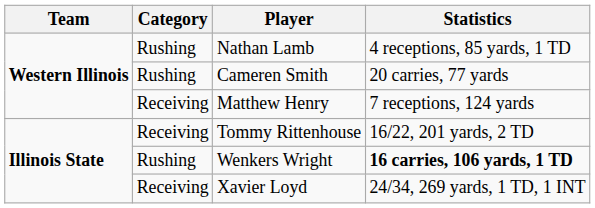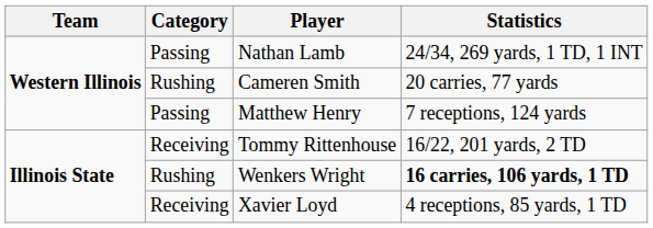 <table class="wikitable" style="float: right;">
 <tr>
 <th>Team</th>
 <th>Category</th>
 <th>Player</th>
 <th>Statistics</th>
 </tr>
 <tr>
 <td rowspan=3><strong>Western Illinois</strong></td>
-<td>Rushing</td>
+<td>Passing</td>
 <td>Nathan Lamb</td>
-<td>4 receptions, 85 yards, 1 TD</td>
+<td>24/34, 269 yards, 1 TD, 1 INT</td>
 </tr>
 <tr>
 <td>Rushing</td>
 <td>Cameren Smith</td>
 <td>20 carries, 77 yards</td>
 </tr>
 <tr>
-<td>Receiving</td>
+<td>Passing</td>
 <td>Matthew Henry</td>
 <td>7 receptions, 124 yards</td>
 </tr>
 <tr>
 <td rowspan=3><strong>Illinois State</strong></td>
 <td>Receiving</td>
 <td>Tommy Rittenhouse</td>
 <td>16/22, 201 yards, 2 TD</td>
 </tr>
 <tr>
 <td>Rushing</td>
 <td>Wenkers Wright</td>
 <td><strong>16 carries, 106 yards, 1 TD</strong></td>
 </tr>
 <tr>
 <td>Receiving</td>
 <td>Xavier Loyd</td>
-<td>24/34, 269 yards, 1 TD, 1 INT</td>
+<td>4 receptions, 85 yards, 1 TD</td>
 </tr>
 </table>
